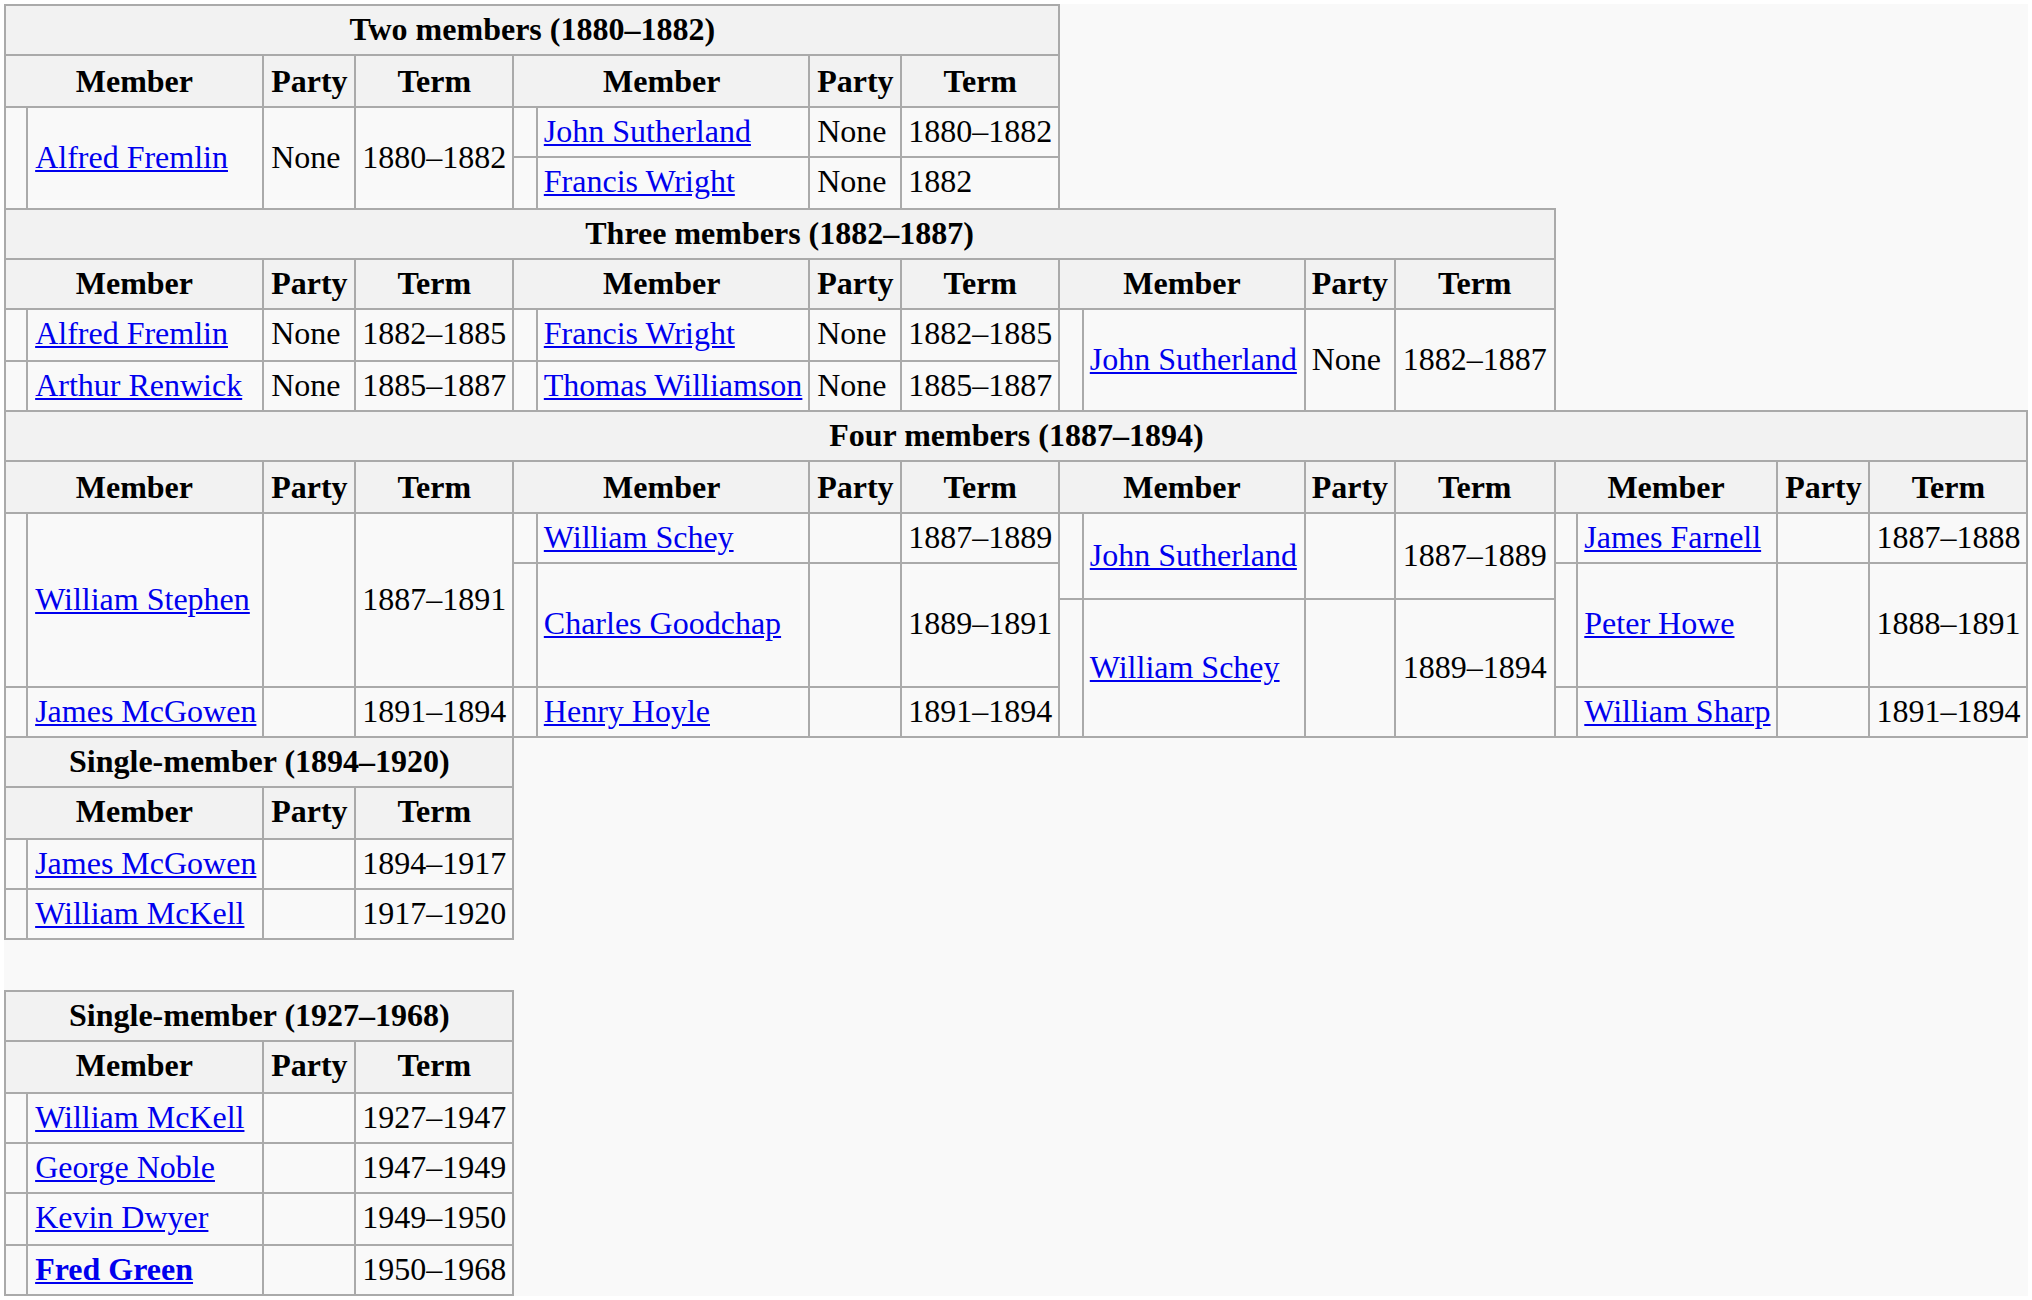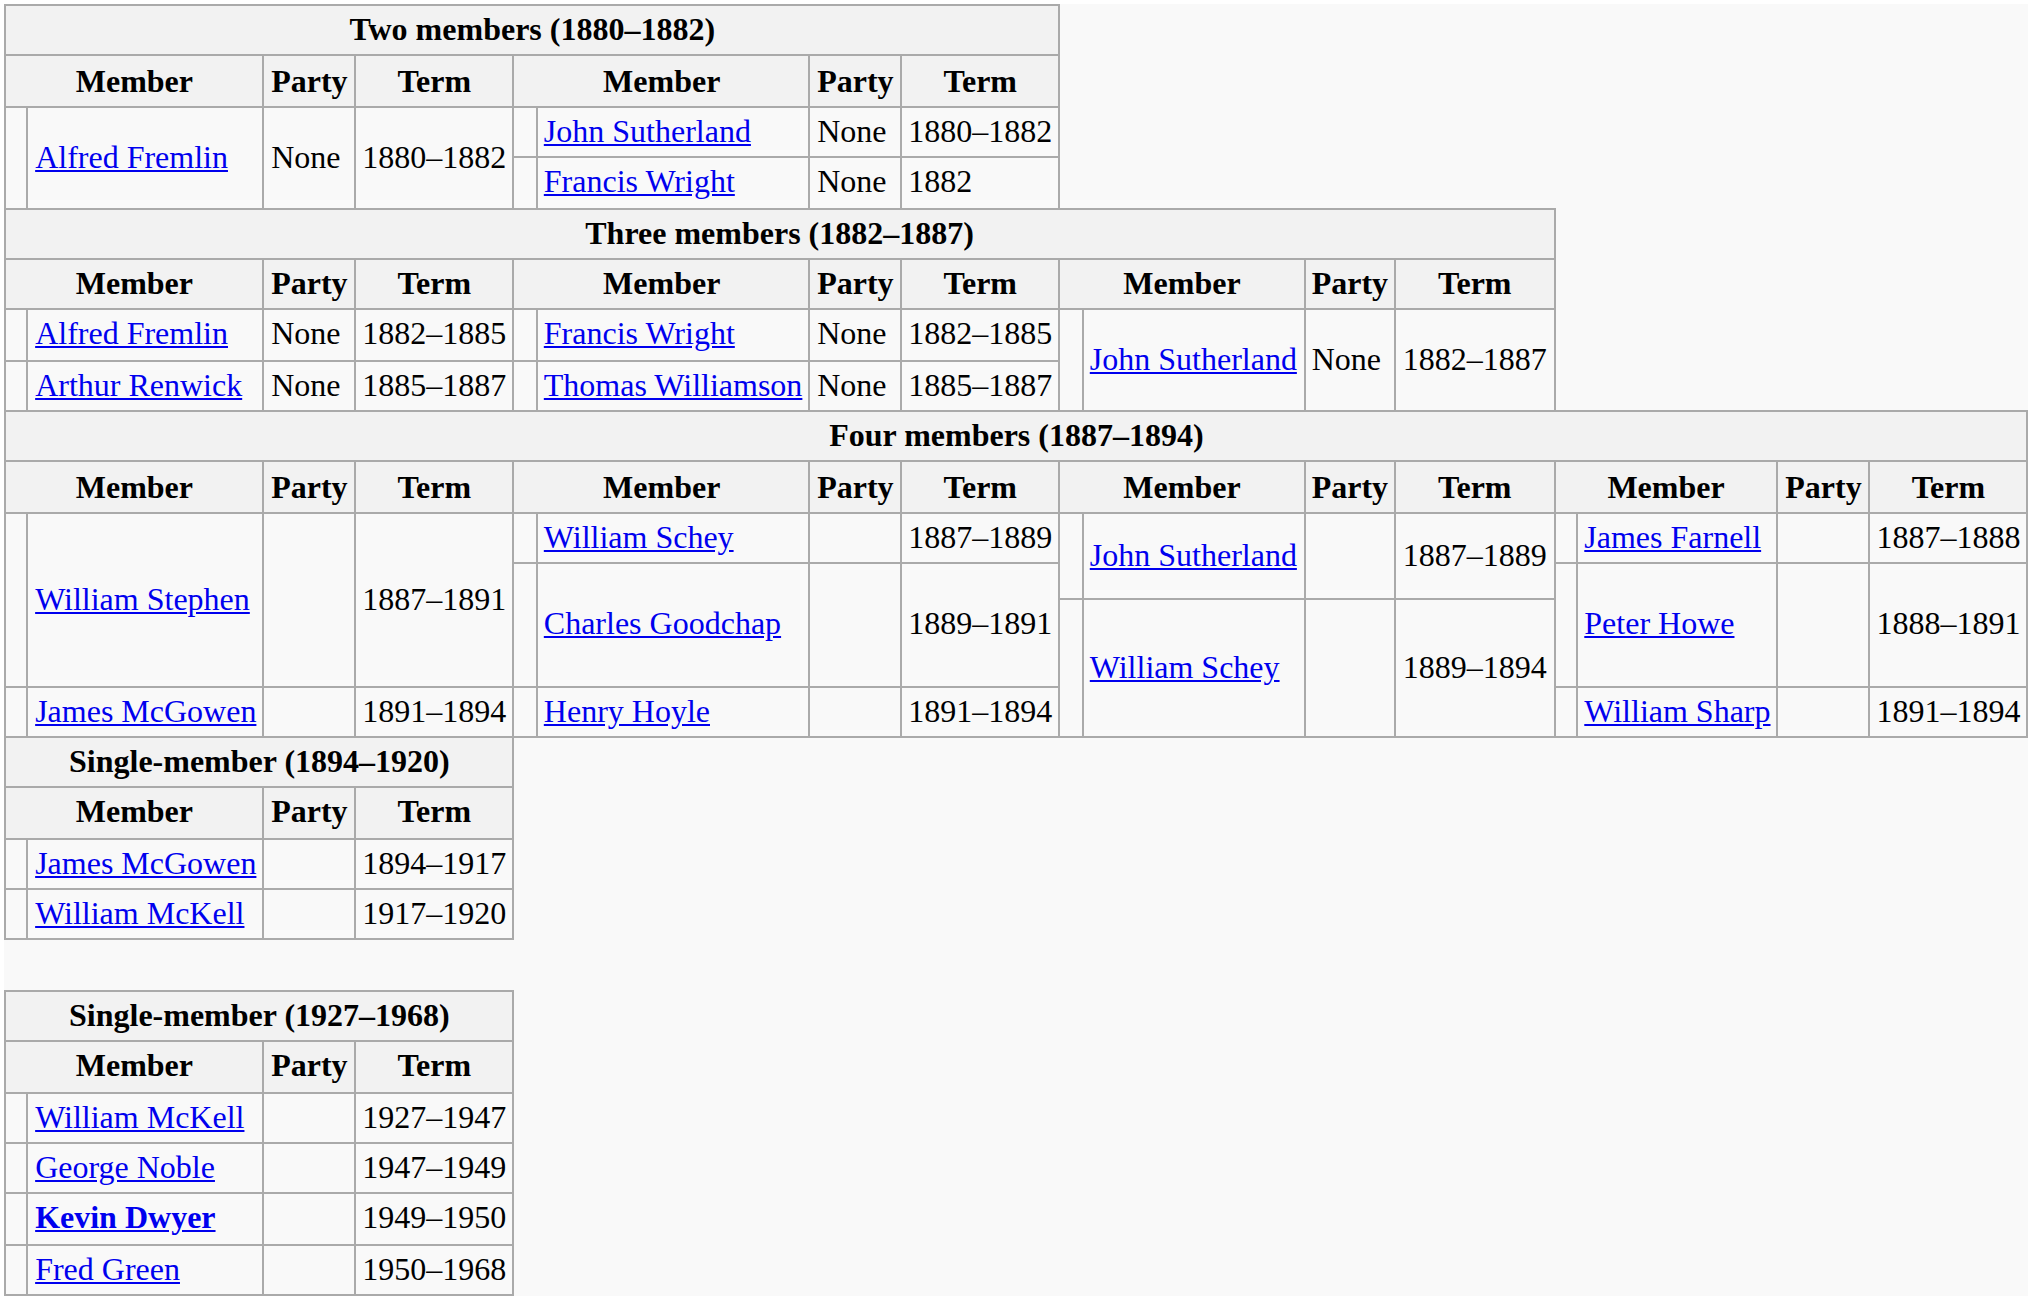 <table class="wikitable" style='border-style: none none none none;'>
 <tr>
 <th colspan="8">Two members (1880–1882)</th>
 </tr>
 <tr>
 <th colspan="2">Member</th>
 <th>Party</th>
 <th>Term</th>
 <th colspan="2">Member</th>
 <th>Party</th>
 <th>Term</th>
 </tr>
 <tr style="background: #f9f9f9">
 <td rowspan="2" > </td>
 <td rowspan="2"><a href='#'>Alfred Fremlin</a></td>
 <td rowspan="2">None</td>
 <td rowspan="2">1880–1882</td>
 <td> </td>
 <td><a href='#'>John Sutherland</a></td>
 <td>None</td>
 <td>1880–1882</td>
 </tr>
 <tr style="background: #f9f9f9">
 <td> </td>
 <td><a href='#'>Francis Wright</a></td>
 <td>None</td>
 <td>1882</td>
 </tr>
 <tr>
 <th colspan="12">Three members (1882–1887)</th>
 </tr>
 <tr>
 <th colspan="2">Member</th>
 <th>Party</th>
 <th>Term</th>
 <th colspan="2">Member</th>
 <th>Party</th>
 <th>Term</th>
 <th colspan="2">Member</th>
 <th>Party</th>
 <th>Term</th>
 </tr>
 <tr style="background: #f9f9f9">
 <td> </td>
 <td><a href='#'>Alfred Fremlin</a></td>
 <td>None</td>
 <td>1882–1885</td>
 <td> </td>
 <td><a href='#'>Francis Wright</a></td>
 <td>None</td>
 <td>1882–1885</td>
 <td rowspan="2" > </td>
 <td rowspan="2"><a href='#'>John Sutherland</a></td>
 <td rowspan="2">None</td>
 <td rowspan="2">1882–1887</td>
 </tr>
 <tr style="background: #f9f9f9">
 <td> </td>
 <td><a href='#'>Arthur Renwick</a></td>
 <td>None</td>
 <td>1885–1887</td>
 <td> </td>
 <td><a href='#'>Thomas Williamson</a></td>
 <td>None</td>
 <td>1885–1887</td>
 </tr>
 <tr>
 <th colspan="16">Four members (1887–1894)</th>
 </tr>
 <tr>
 <th colspan="2">Member</th>
 <th>Party</th>
 <th>Term</th>
 <th colspan="2">Member</th>
 <th>Party</th>
 <th>Term</th>
 <th colspan="2">Member</th>
 <th>Party</th>
 <th>Term</th>
 <th colspan="2">Member</th>
 <th>Party</th>
 <th>Term</th>
 </tr>
 <tr style="background: #f9f9f9">
 <td rowspan="4" > </td>
 <td rowspan="4"><a href='#'>William Stephen</a></td>
 <td rowspan="4"></td>
 <td rowspan="4">1887–1891</td>
 <td rowspan="2" > </td>
 <td rowspan="2"><a href='#'>William Schey</a></td>
 <td rowspan="2"></td>
 <td rowspan="2">1887–1889</td>
 <td rowspan="3" > </td>
 <td rowspan="3"><a href='#'>John Sutherland</a></td>
 <td rowspan="3"></td>
 <td rowspan="3">1887–1889</td>
 <td> </td>
 <td><a href='#'>James Farnell</a></td>
 <td></td>
 <td>1887–1888</td>
 </tr>
 <tr style="background: #f9f9f9">
 <td rowspan="3" ><br><br> </td>
 <td rowspan="3"><a href='#'>Peter Howe</a></td>
 <td rowspan="3"></td>
 <td rowspan="3">1888–1891</td>
 </tr>
 <tr style="background: #f9f9f9">
 <td rowspan="2" > </td>
 <td rowspan="2"><a href='#'>Charles Goodchap</a></td>
 <td rowspan="2"></td>
 <td rowspan="2">1889–1891</td>
 </tr>
 <tr style="background: #f9f9f9">
 <td rowspan="2" > </td>
 <td rowspan="2"><a href='#'>William Schey</a></td>
 <td rowspan="2"></td>
 <td rowspan="2">1889–1894</td>
 </tr>
 <tr style="background: #f9f9f9">
 <td> </td>
 <td><a href='#'>James McGowen</a></td>
 <td></td>
 <td>1891–1894</td>
 <td> </td>
 <td><a href='#'>Henry Hoyle</a></td>
 <td></td>
 <td>1891–1894</td>
 <td> </td>
 <td><a href='#'>William Sharp</a></td>
 <td></td>
 <td>1891–1894</td>
 </tr>
 <tr>
 <th colspan="4">Single-member (1894–1920)</th>
 </tr>
 <tr>
 <th colspan="2">Member</th>
 <th>Party</th>
 <th>Term</th>
 </tr>
 <tr style="background: #f9f9f9">
 <td> </td>
 <td><a href='#'>James McGowen</a></td>
 <td></td>
 <td>1894–1917</td>
 </tr>
 <tr style="background: #f9f9f9">
 <td> </td>
 <td><a href='#'>William McKell</a></td>
 <td></td>
 <td>1917–1920</td>
 </tr>
 <tr>
 <td colspan="4" style='border-style: none none none none;'> </td>
 </tr>
 <tr>
 <th colspan="4">Single-member (1927–1968)</th>
 </tr>
 <tr>
 <th colspan="2">Member</th>
 <th>Party</th>
 <th>Term</th>
 </tr>
 <tr style="background: #f9f9f9">
 <td> </td>
 <td><a href='#'>William McKell</a></td>
 <td></td>
 <td>1927–1947</td>
 </tr>
 <tr style="background: #f9f9f9">
 <td> </td>
 <td><a href='#'>George Noble</a></td>
 <td></td>
 <td>1947–1949</td>
 </tr>
 <tr style="background: #f9f9f9">
 <td> </td>
-<td><a href='#'>Kevin Dwyer</a></td>
+<td><strong><a href='#'>Kevin Dwyer</a></strong></td>
 <td></td>
 <td>1949–1950</td>
 </tr>
 <tr style="background: #f9f9f9">
 <td> </td>
-<td><strong><a href='#'>Fred Green</a></strong></td>
+<td><a href='#'>Fred Green</a></td>
 <td></td>
 <td>1950–1968</td>
 </tr>
 </table>
